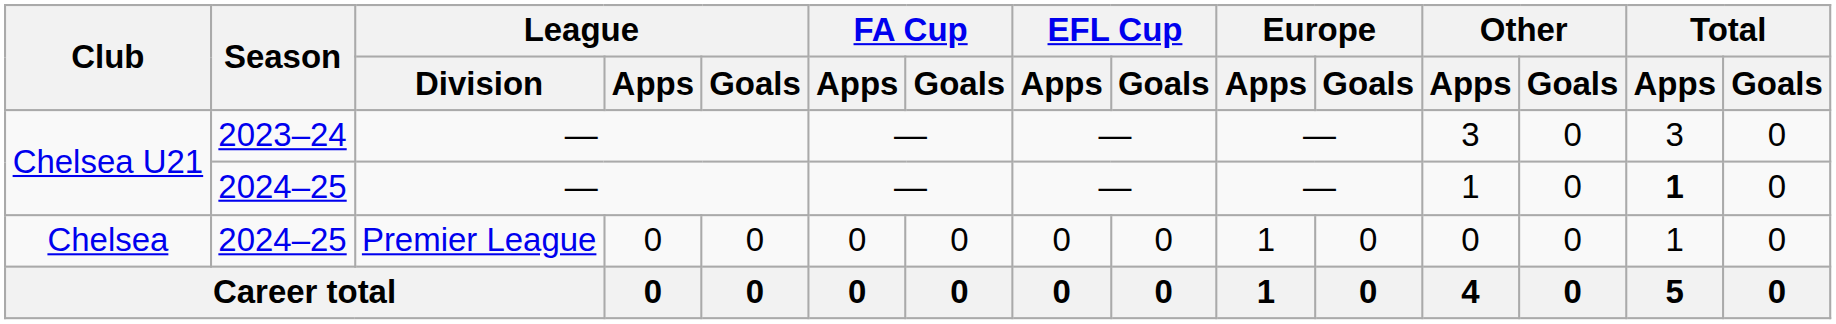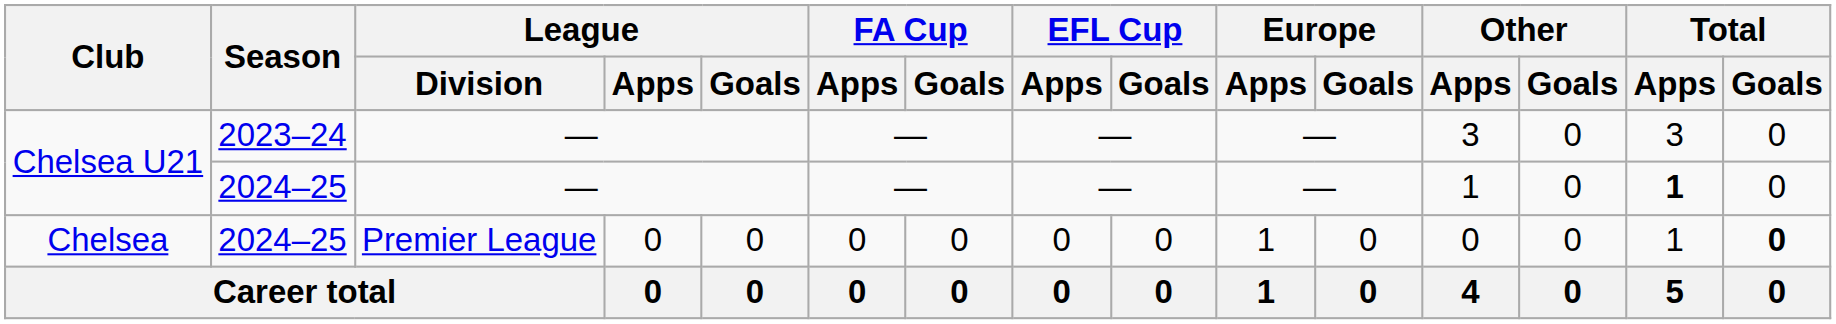 <table class=wikitable style=text-align:center>
 <tr>
 <th rowspan=2>Club</th>
 <th rowspan=2>Season</th>
 <th colspan=3>League</th>
 <th colspan=2><a href='#'>FA Cup</a></th>
 <th colspan=2><a href='#'>EFL Cup</a></th>
 <th colspan=2>Europe</th>
 <th colspan=2>Other</th>
 <th colspan=2>Total</th>
 </tr>
 <tr>
 <th>Division</th>
 <th>Apps</th>
 <th>Goals</th>
 <th>Apps</th>
 <th>Goals</th>
 <th>Apps</th>
 <th>Goals</th>
 <th>Apps</th>
 <th>Goals</th>
 <th>Apps</th>
 <th>Goals</th>
 <th>Apps</th>
 <th>Goals</th>
 </tr>
 <tr>
 <td rowspan=2><a href='#'>Chelsea U21</a></td>
 <td><a href='#'>2023–24</a></td>
 <td colspan=3>—</td>
 <td colspan=2>—</td>
 <td colspan=2>—</td>
 <td colspan=2>—</td>
 <td>3</td>
 <td>0</td>
 <td>3</td>
 <td>0</td>
 </tr>
 <tr>
 <td><a href='#'>2024–25</a></td>
 <td colspan=3>—</td>
 <td colspan=2>—</td>
 <td colspan=2>—</td>
 <td colspan=2>—</td>
 <td>1</td>
 <td>0</td>
 <td><strong>1</strong></td>
 <td>0</td>
 </tr>
 <tr>
 <td><a href='#'>Chelsea</a></td>
 <td><a href='#'>2024–25</a></td>
 <td><a href='#'>Premier League</a></td>
 <td>0</td>
 <td>0</td>
 <td>0</td>
 <td>0</td>
 <td>0</td>
 <td>0</td>
 <td>1</td>
 <td>0</td>
 <td>0</td>
 <td>0</td>
 <td>1</td>
-<td>0</td>
+<td><strong>0</strong></td>
 </tr>
 <tr>
 <th colspan=3>Career total</th>
 <th>0</th>
 <th>0</th>
 <th>0</th>
 <th>0</th>
 <th>0</th>
 <th>0</th>
 <th>1</th>
 <th>0</th>
 <th>4</th>
 <th>0</th>
 <th>5</th>
 <th>0</th>
 </tr>
 </table>
